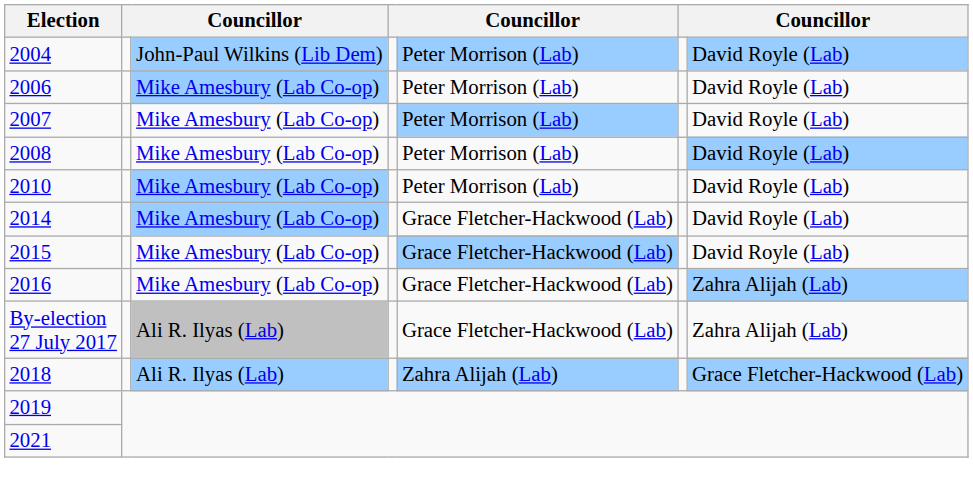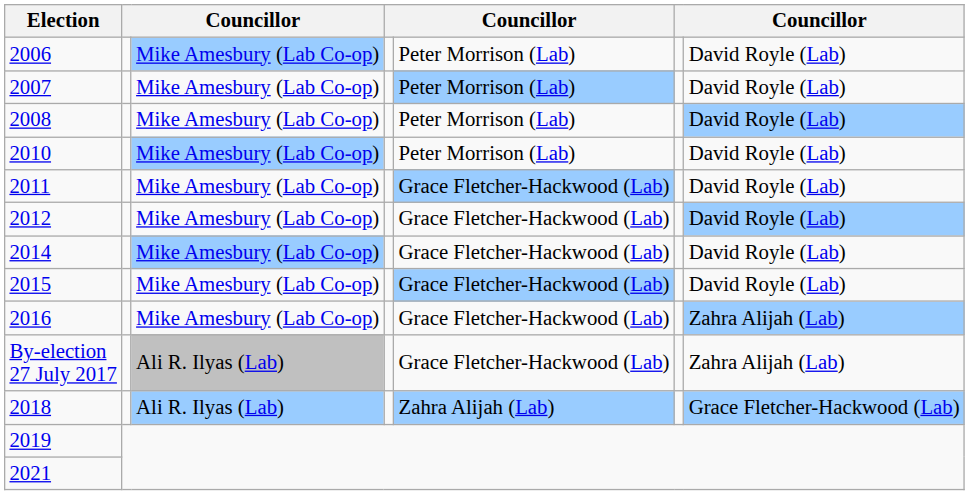 <table class="wikitable">
 <tr>
 <th>Election</th>
 <th colspan="2">Councillor</th>
 <th colspan="2">Councillor</th>
 <th colspan="2">Councillor</th>
-</tr>
-<tr>
-<td><a href='#'>2004</a></td>
-<td style="background-color: "></td>
-<td bgcolor="#99CCFF">John-Paul Wilkins (<a href='#'>Lib Dem</a>)</td>
-<td style="background-color: "></td>
-<td bgcolor="#99CCFF">Peter Morrison (<a href='#'>Lab</a>)</td>
-<td style="background-color: "></td>
-<td bgcolor="#99CCFF">David Royle (<a href='#'>Lab</a>)</td>
 </tr>
 <tr>
 <td><a href='#'>2006</a></td>
 <td style="background-color: "></td>
 <td bgcolor="#99CCFF"><a href='#'>Mike Amesbury</a> (<a href='#'>Lab Co-op</a>)</td>
 <td style="background-color: "></td>
 <td>Peter Morrison (<a href='#'>Lab</a>)</td>
 <td style="background-color: "></td>
 <td>David Royle (<a href='#'>Lab</a>)</td>
 </tr>
 <tr>
 <td><a href='#'>2007</a></td>
 <td style="background-color: "></td>
 <td><a href='#'>Mike Amesbury</a> (<a href='#'>Lab Co-op</a>)</td>
 <td style="background-color: "></td>
 <td bgcolor="#99CCFF">Peter Morrison (<a href='#'>Lab</a>)</td>
 <td style="background-color: "></td>
 <td>David Royle (<a href='#'>Lab</a>)</td>
 </tr>
 <tr>
 <td><a href='#'>2008</a></td>
 <td style="background-color: "></td>
 <td><a href='#'>Mike Amesbury</a> (<a href='#'>Lab Co-op</a>)</td>
 <td style="background-color: "></td>
 <td>Peter Morrison (<a href='#'>Lab</a>)</td>
 <td style="background-color: "></td>
 <td bgcolor="#99CCFF">David Royle (<a href='#'>Lab</a>)</td>
 </tr>
 <tr>
 <td><a href='#'>2010</a></td>
 <td style="background-color: "></td>
 <td bgcolor="#99CCFF"><a href='#'>Mike Amesbury</a> (<a href='#'>Lab Co-op</a>)</td>
 <td style="background-color: "></td>
 <td>Peter Morrison (<a href='#'>Lab</a>)</td>
 <td style="background-color: "></td>
 <td>David Royle (<a href='#'>Lab</a>)</td>
+</tr>
+<tr>
+<td><a href='#'>2011</a></td>
+<td style="background-color: "></td>
+<td><a href='#'>Mike Amesbury</a> (<a href='#'>Lab Co-op</a>)</td>
+<td style="background-color: "></td>
+<td bgcolor="#99CCFF">Grace Fletcher-Hackwood (<a href='#'>Lab</a>)</td>
+<td style="background-color: "></td>
+<td>David Royle (<a href='#'>Lab</a>)</td>
+</tr>
+<tr>
+<td><a href='#'>2012</a></td>
+<td style="background-color: "></td>
+<td><a href='#'>Mike Amesbury</a> (<a href='#'>Lab Co-op</a>)</td>
+<td style="background-color: "></td>
+<td>Grace Fletcher-Hackwood (<a href='#'>Lab</a>)</td>
+<td style="background-color: "></td>
+<td bgcolor="#99CCFF">David Royle (<a href='#'>Lab</a>)</td>
 </tr>
 <tr>
 <td><a href='#'>2014</a></td>
 <td style="background-color: "></td>
 <td bgcolor="#99CCFF"><a href='#'>Mike Amesbury</a> (<a href='#'>Lab Co-op</a>)</td>
 <td style="background-color: "></td>
 <td>Grace Fletcher-Hackwood (<a href='#'>Lab</a>)</td>
 <td style="background-color: "></td>
 <td>David Royle (<a href='#'>Lab</a>)</td>
 </tr>
 <tr>
 <td><a href='#'>2015</a></td>
 <td style="background-color: "></td>
 <td><a href='#'>Mike Amesbury</a> (<a href='#'>Lab Co-op</a>)</td>
 <td style="background-color: "></td>
 <td bgcolor="#99CCFF">Grace Fletcher-Hackwood (<a href='#'>Lab</a>)</td>
 <td style="background-color: "></td>
 <td>David Royle (<a href='#'>Lab</a>)</td>
 </tr>
 <tr>
 <td><a href='#'>2016</a></td>
 <td style="background-color: "></td>
 <td><a href='#'>Mike Amesbury</a> (<a href='#'>Lab Co-op</a>)</td>
 <td style="background-color: "></td>
 <td>Grace Fletcher-Hackwood (<a href='#'>Lab</a>)</td>
 <td style="background-color: "></td>
 <td bgcolor="#99CCFF">Zahra Alijah (<a href='#'>Lab</a>)</td>
 </tr>
 <tr>
 <td><a href='#'>By-election<br>27 July 2017</a></td>
 <td style="background-color: "></td>
 <td bgcolor="#C0C0C0">Ali R. Ilyas (<a href='#'>Lab</a>)</td>
 <td style="background-color: "></td>
 <td>Grace Fletcher-Hackwood (<a href='#'>Lab</a>)</td>
 <td style="background-color: "></td>
 <td>Zahra Alijah (<a href='#'>Lab</a>)</td>
 </tr>
 <tr>
 <td><a href='#'>2018</a></td>
 <td style="background-color: "></td>
 <td bgcolor="#99CCFF">Ali R. Ilyas (<a href='#'>Lab</a>)</td>
 <td style="background-color: "></td>
 <td bgcolor="#99CCFF">Zahra Alijah (<a href='#'>Lab</a>)</td>
 <td style="background-color: "></td>
 <td bgcolor="#99CCFF">Grace Fletcher-Hackwood (<a href='#'>Lab</a>)</td>
 </tr>
 <tr>
 <td><a href='#'>2019</a><br>  </td>
 </tr>
 <tr>
 <td><a href='#'>2021</a><br>  </td>
 </tr>
 </table>
